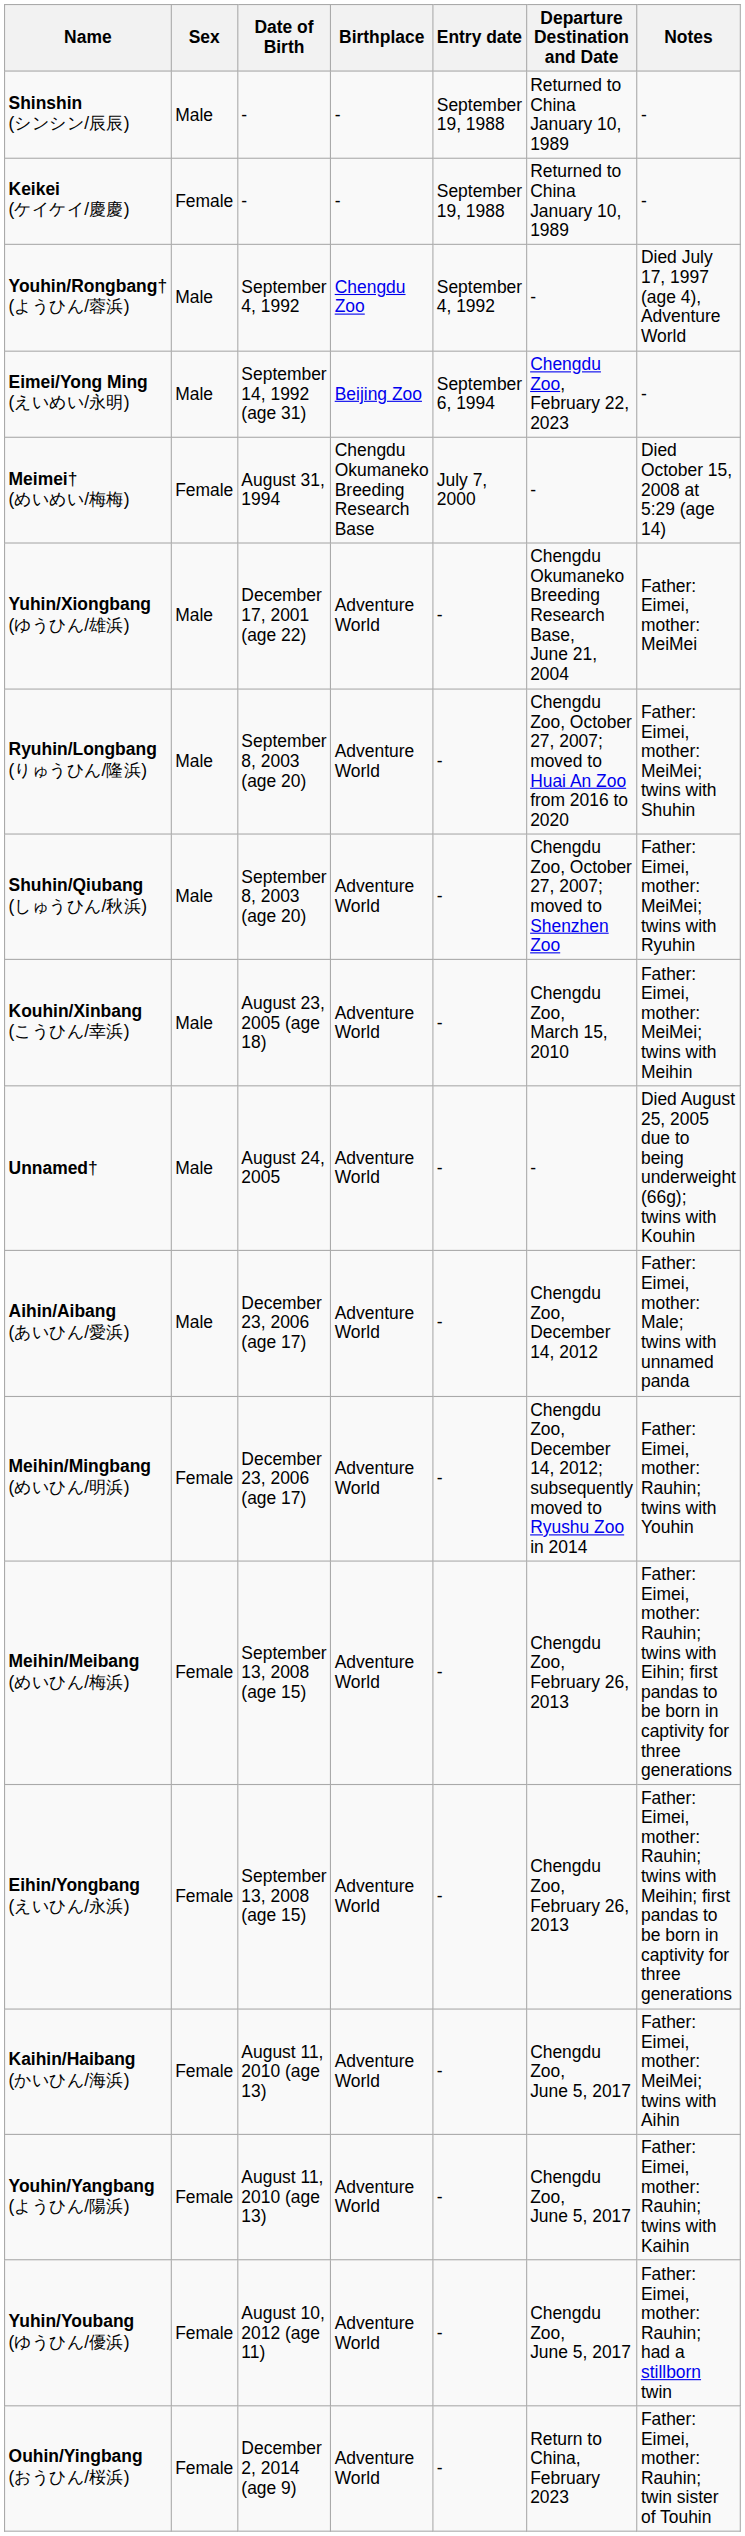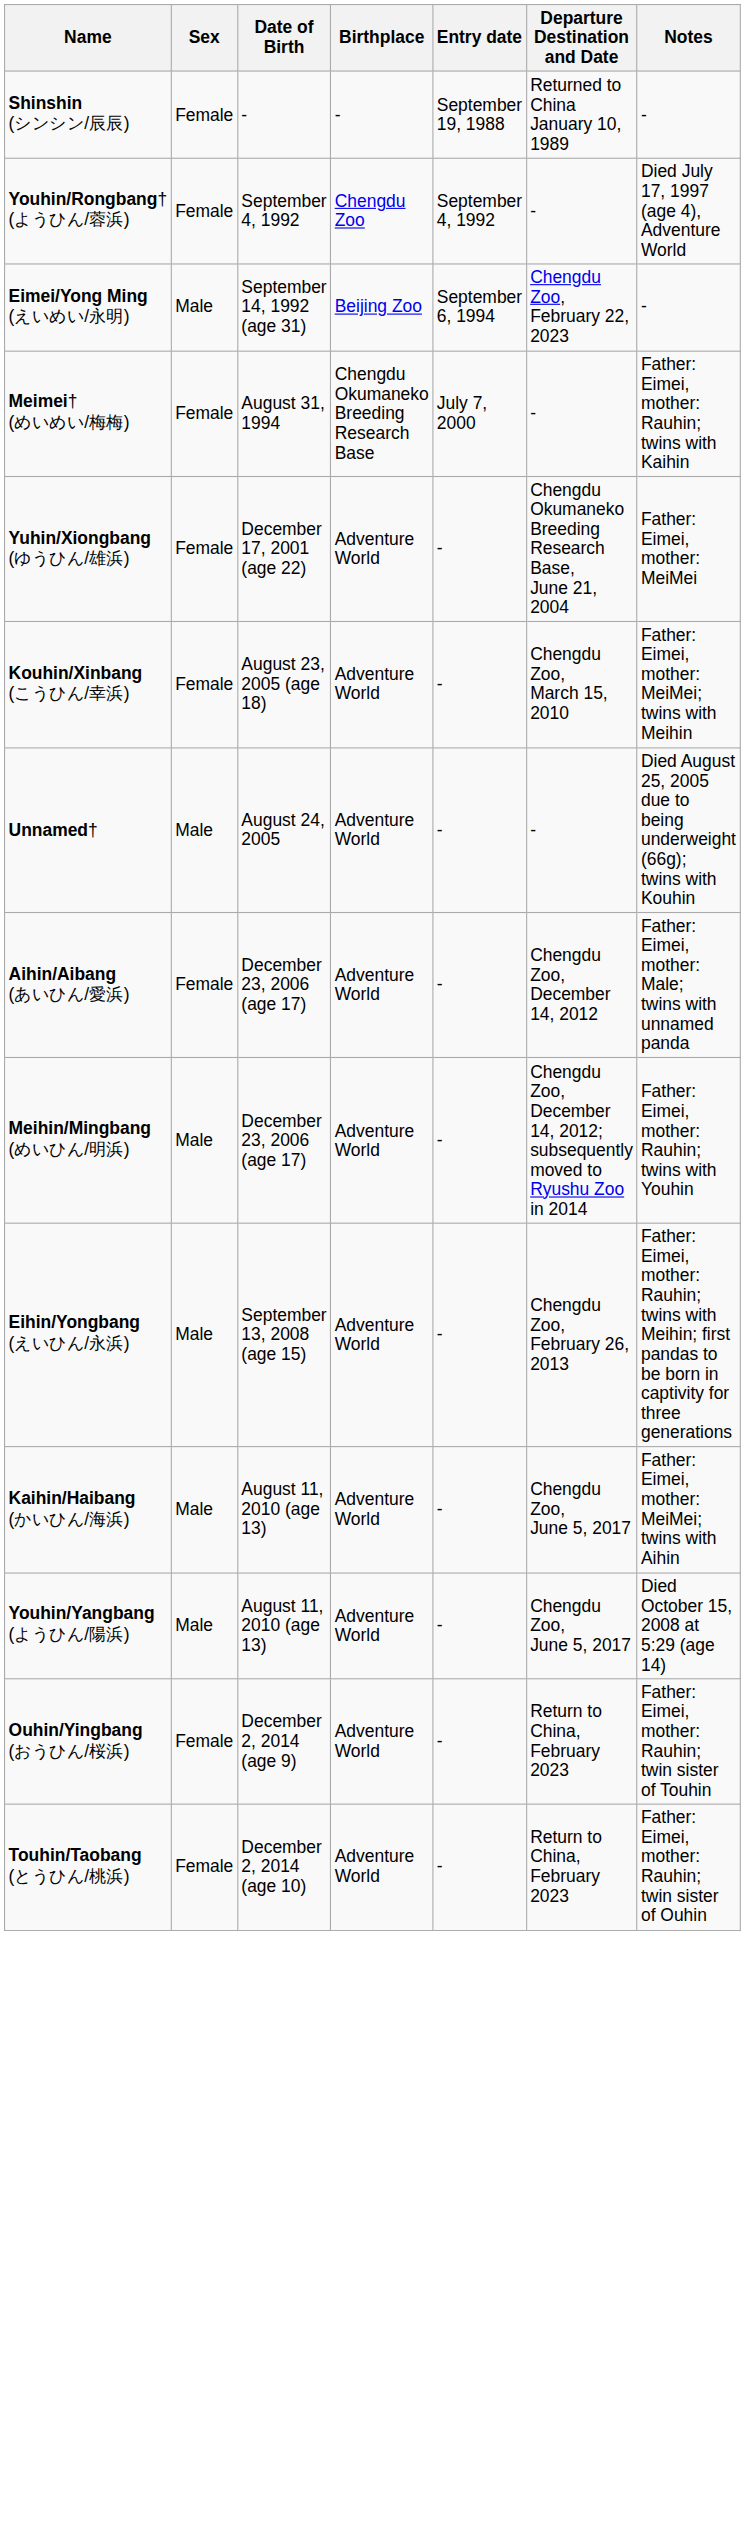 <table class="wikitable">
 <tr>
 <th>Name</th>
 <th>Sex</th>
 <th>Date of Birth</th>
 <th><strong>Birthplace</strong></th>
 <th>Entry date</th>
 <th>Departure Destination and Date</th>
 <th>Notes</th>
 </tr>
 <tr>
 <td><strong>Shinshin</strong><br>(シンシン/辰辰)</td>
-<td>Male</td>
-<td>-</td>
-<td>-</td>
-<td>September 19, 1988</td>
-<td>Returned to China<br>January 10, 1989</td>
-<td>-</td>
-</tr>
-<tr>
-<td><strong>Keikei</strong><br>(ケイケイ/慶慶)</td>
 <td>Female</td>
 <td>-</td>
 <td>-</td>
 <td>September 19, 1988</td>
 <td>Returned to China<br>January 10, 1989</td>
 <td>-</td>
 </tr>
 <tr>
 <td><strong>Youhin/Rongbang</strong>†<br>(ようひん/蓉浜)</td>
-<td>Male</td>
+<td>Female</td>
 <td>September 4, 1992</td>
 <td><a href='#'>Chengdu Zoo</a></td>
 <td>September 4, 1992</td>
 <td>-</td>
 <td>Died July 17, 1997 (age 4), Adventure World</td>
 </tr>
 <tr>
 <td><strong>Eimei/Yong Ming</strong><br>(えいめい/永明)</td>
 <td>Male</td>
 <td>September 14, 1992 (age 31)</td>
 <td><a href='#'>Beijing Zoo</a></td>
 <td>September 6, 1994</td>
 <td><a href='#'>Chengdu Zoo</a>, February 22, 2023</td>
 <td>-</td>
 </tr>
 <tr>
 <td><strong>Meimei</strong>†<br>(めいめい/梅梅)</td>
 <td>Female</td>
 <td>August 31, 1994</td>
 <td>Chengdu Okumaneko Breeding Research Base</td>
 <td>July 7, 2000</td>
 <td>-</td>
-<td>Died October 15, 2008 at 5:29 (age 14)</td>
+<td>Father: Eimei, mother: Rauhin;<br>twins with Kaihin</td>
 </tr>
 <tr>
 <td><strong>Yuhin/Xiongbang</strong> (ゆうひん/雄浜)</td>
-<td>Male</td>
+<td>Female</td>
 <td>December 17, 2001 (age 22)</td>
 <td>Adventure World</td>
 <td>-</td>
 <td>Chengdu Okumaneko Breeding Research Base,<br>June 21, 2004</td>
 <td>Father: Eimei, mother: MeiMei</td>
 </tr>
 <tr>
-<td><strong>Ryuhin/Longbang</strong> (りゅうひん/隆浜)</td>
-<td>Male</td>
-<td>September 8, 2003 (age 20)</td>
-<td>Adventure World</td>
-<td>-</td>
-<td>Chengdu Zoo, October 27, 2007;<br>moved to <a href='#'>Huai An Zoo</a> from 2016 to 2020</td>
-<td>Father: Eimei, mother: MeiMei;<br>twins with Shuhin</td>
-</tr>
-<tr>
-<td><strong>Shuhin/Qiubang</strong><br>(しゅうひん/秋浜)</td>
-<td>Male</td>
-<td>September 8, 2003 (age 20)</td>
-<td>Adventure World</td>
-<td>-</td>
-<td>Chengdu Zoo, October 27, 2007;<br>moved to <a href='#'>Shenzhen Zoo</a></td>
-<td>Father: Eimei, mother: MeiMei;<br>twins with Ryuhin</td>
-</tr>
-<tr>
 <td><strong>Kouhin/Xinbang</strong><br>(こうひん/幸浜)</td>
-<td>Male</td>
+<td>Female</td>
 <td>August 23, 2005 (age 18)</td>
 <td>Adventure World</td>
 <td>-</td>
 <td>Chengdu Zoo,<br>March 15, 2010</td>
 <td>Father: Eimei, mother: MeiMei;<br>twins with Meihin</td>
 </tr>
 <tr>
 <td><strong>Unnamed</strong>†</td>
 <td>Male</td>
 <td>August 24, 2005</td>
 <td>Adventure World</td>
 <td>-</td>
 <td>-</td>
 <td>Died August 25, 2005 due to being underweight (66g);<br>twins with Kouhin</td>
 </tr>
 <tr>
 <td><strong>Aihin/Aibang</strong><br>(あいひん/愛浜)</td>
-<td>Male</td>
+<td>Female</td>
 <td>December 23, 2006 (age 17)</td>
 <td>Adventure World</td>
 <td>-</td>
 <td>Chengdu Zoo,<br>December 14, 2012</td>
 <td>Father: Eimei, mother: Male;<br>twins with unnamed panda</td>
 </tr>
 <tr>
 <td><strong>Meihin/Mingbang</strong><br>(めいひん/明浜)</td>
-<td>Female</td>
+<td>Male</td>
 <td>December 23, 2006 (age 17)</td>
 <td>Adventure World</td>
 <td>-</td>
 <td>Chengdu Zoo, December 14, 2012;<br>subsequently moved to <a href='#'>Ryushu Zoo</a> in 2014</td>
 <td>Father: Eimei, mother: Rauhin;<br>twins with Youhin</td>
 </tr>
 <tr>
-<td><strong>Meihin/Meibang</strong> (めいひん/梅浜)</td>
-<td>Female</td>
-<td>September 13, 2008 (age 15)</td>
-<td>Adventure World</td>
-<td>-</td>
-<td>Chengdu Zoo,<br>February 26, 2013</td>
-<td>Father: Eimei, mother: Rauhin;<br>twins with Eihin;  first pandas to be born in captivity for three generations</td>
-</tr>
-<tr>
 <td><strong>Eihin/Yongbang</strong> (えいひん/永浜)</td>
-<td>Female</td>
+<td>Male</td>
 <td>September 13, 2008 (age 15)</td>
 <td>Adventure World</td>
 <td>-</td>
 <td>Chengdu Zoo,<br>February 26, 2013</td>
 <td>Father: Eimei, mother: Rauhin;<br>twins with Meihin; first pandas to be born in captivity for three generations</td>
 </tr>
 <tr>
 <td><strong>Kaihin/Haibang</strong><br>(かいひん/海浜)</td>
-<td>Female</td>
+<td>Male</td>
 <td>August 11, 2010 (age 13)</td>
 <td>Adventure World</td>
 <td>-</td>
 <td>Chengdu Zoo,<br>June 5, 2017</td>
 <td>Father: Eimei, mother: MeiMei;<br>twins with Aihin</td>
 </tr>
 <tr>
 <td><strong>Youhin/Yangbang</strong><br>(ようひん/陽浜)</td>
-<td>Female</td>
+<td>Male</td>
 <td>August 11, 2010 (age 13)</td>
 <td>Adventure World</td>
 <td>-</td>
 <td>Chengdu Zoo,<br>June 5, 2017</td>
-<td>Father: Eimei, mother: Rauhin;<br>twins with Kaihin</td>
-</tr>
-<tr>
-<td><strong>Yuhin/Youbang</strong><br>(ゆうひん/優浜)</td>
-<td>Female</td>
-<td>August 10, 2012 (age 11)</td>
-<td>Adventure World</td>
-<td>-</td>
-<td>Chengdu Zoo,<br>June 5, 2017</td>
-<td>Father: Eimei, mother: Rauhin;<br>had a <a href='#'>stillborn</a> twin</td>
+<td>Died October 15, 2008 at 5:29 (age 14)</td>
 </tr>
 <tr>
 <td><strong>Ouhin/Yingbang</strong><br>(おうひん/桜浜)</td>
 <td>Female</td>
 <td>December 2, 2014 (age 9)</td>
 <td>Adventure World</td>
 <td>-</td>
 <td>Return to China,<br>February 2023</td>
 <td>Father: Eimei, mother: Rauhin;<br>twin sister of Touhin</td>
 </tr>
+<tr>
+<td><strong>Touhin/Taobang</strong><br>(とうひん/桃浜)</td>
+<td>Female</td>
+<td>December 2, 2014 (age 10)</td>
+<td>Adventure World</td>
+<td>-</td>
+<td>Return to China,<br>February 2023</td>
+<td>Father: Eimei, mother: Rauhin;<br>twin sister of Ouhin</td>
+</tr>
 </table>
